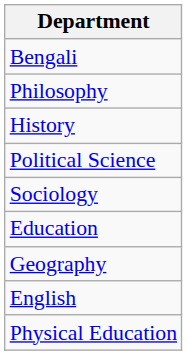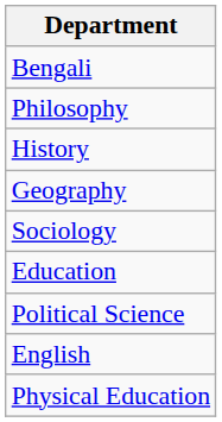 <table class="wikitable sortable">
 <tr>
 <th>Department</th>
 </tr>
 <tr>
 <td><a href='#'>Bengali</a></td>
 </tr>
 <tr>
 <td><a href='#'>Philosophy</a></td>
 </tr>
 <tr>
 <td><a href='#'>History</a></td>
 </tr>
 <tr>
-<td><a href='#'>Political Science</a></td>
+<td><a href='#'>Geography</a></td>
 </tr>
 <tr>
 <td><a href='#'>Sociology</a></td>
 </tr>
 <tr>
 <td><a href='#'>Education</a></td>
 </tr>
 <tr>
-<td><a href='#'>Geography</a></td>
+<td><a href='#'>Political Science</a></td>
 </tr>
 <tr>
 <td><a href='#'>English</a></td>
 </tr>
 <tr>
 <td><a href='#'>Physical Education</a></td>
 </tr>
 </table>
